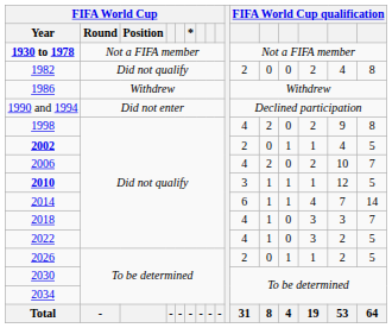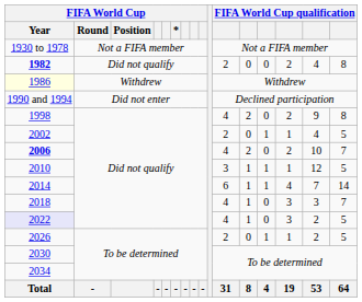 <table class="wikitable" style="text-align: center;">
 <tr>
 <th colspan=9><a href='#'>FIFA World Cup</a></th>
 <th rowspan=19></th>
 <th colspan=6><a href='#'>FIFA World Cup qualification</a></th>
 </tr>
 <tr>
 <th>Year</th>
 <th>Round</th>
 <th>Position</th>
 <th></th>
 <th></th>
 <th>*</th>
 <th></th>
 <th></th>
 <th></th>
 <th></th>
 <th></th>
 <th></th>
 <th></th>
 <th></th>
 <th></th>
 </tr>
 <tr>
-<td><strong><a href='#'>1930</a> to <a href='#'>1978</a></strong></td>
+<td><a href='#'>1930</a> to <a href='#'>1978</a></td>
 <td colspan=8><em>Not a FIFA member</em></td>
 <td colspan=6><em>Not a FIFA member</em></td>
 </tr>
 <tr>
-<td> <a href='#'>1982</a></td>
+<td><strong> <a href='#'>1982</a></strong></td>
 <td colspan=8><em>Did not qualify</em></td>
 <td>2</td>
 <td>0</td>
 <td>0</td>
 <td>2</td>
 <td>4</td>
 <td>8</td>
 </tr>
 <tr>
-<td> <a href='#'>1986</a></td>
+<td style="background: lightyellow;"> <a href='#'>1986</a></td>
 <td colspan=8><em>Withdrew</em></td>
 <td colspan=6><em>Withdrew</em></td>
 </tr>
 <tr>
 <td><a href='#'>1990</a> and <a href='#'>1994</a></td>
 <td colspan=8><em>Did not enter</em></td>
 <td colspan=6><em>Declined participation</em></td>
 </tr>
 <tr>
 <td> <a href='#'>1998</a></td>
 <td colspan=8 rowspan=7><em>Did not qualify</em></td>
 <td>4</td>
 <td>2</td>
 <td>0</td>
 <td>2</td>
 <td>9</td>
 <td>8</td>
 </tr>
 <tr>
-<td><strong>  <a href='#'>2002</a></strong></td>
+<td>  <a href='#'>2002</a></td>
 <td>2</td>
 <td>0</td>
 <td>1</td>
 <td>1</td>
 <td>4</td>
 <td>5</td>
 </tr>
 <tr>
-<td> <a href='#'>2006</a></td>
+<td><strong> <a href='#'>2006</a></strong></td>
 <td>4</td>
 <td>2</td>
 <td>0</td>
 <td>2</td>
 <td>10</td>
 <td>7</td>
 </tr>
 <tr>
-<td><strong> <a href='#'>2010</a></strong></td>
+<td> <a href='#'>2010</a></td>
 <td>3</td>
 <td>1</td>
 <td>1</td>
 <td>1</td>
 <td>12</td>
 <td>5</td>
 </tr>
 <tr>
 <td> <a href='#'>2014</a></td>
 <td>6</td>
 <td>1</td>
 <td>1</td>
 <td>4</td>
 <td>7</td>
 <td>14</td>
 </tr>
 <tr>
 <td> <a href='#'>2018</a></td>
 <td>4</td>
 <td>1</td>
 <td>0</td>
 <td>3</td>
 <td>3</td>
 <td>7</td>
 </tr>
 <tr>
-<td> <a href='#'>2022</a></td>
+<td style="background: lavender;"> <a href='#'>2022</a></td>
 <td>4</td>
 <td>1</td>
 <td>0</td>
 <td>3</td>
 <td>2</td>
 <td>5</td>
 </tr>
 <tr>
 <td>   <a href='#'>2026</a></td>
 <td colspan=8 rowspan=3><em>To be determined</em></td>
 <td>2</td>
 <td>0</td>
 <td>1</td>
 <td>1</td>
 <td>2</td>
 <td>5</td>
 </tr>
 <tr>
 <td>   <a href='#'>2030</a></td>
 <td colspan=6 rowspan=2><em>To be determined</em></td>
 </tr>
 <tr>
 <td> <a href='#'>2034</a></td>
 </tr>
 <tr>
 <th>Total</th>
 <th>-</th>
 <th></th>
 <th>-</th>
 <th>-</th>
 <th>-</th>
 <th>-</th>
 <th>-</th>
 <th>-</th>
 <th>31</th>
 <th>8</th>
 <th>4</th>
 <th>19</th>
 <th>53</th>
 <th>64</th>
 </tr>
 </table>
